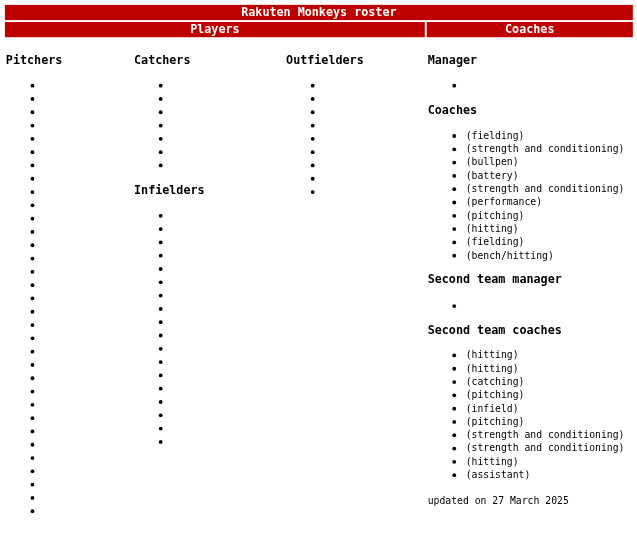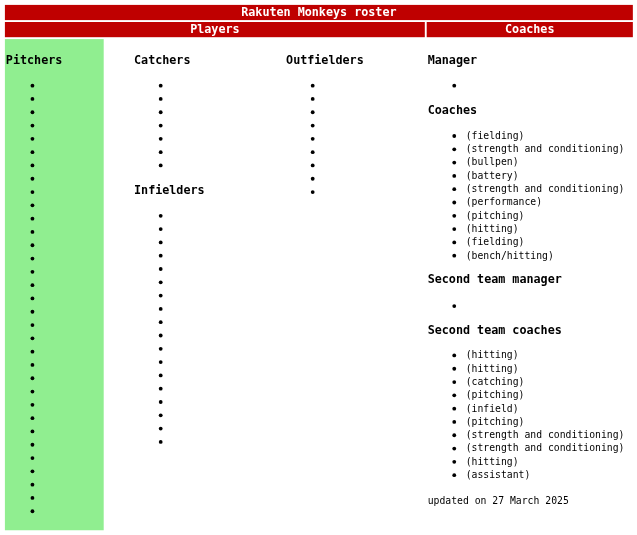 <table class = "toccolours" style = "font-size: 95%;">
 <tr>
 <th colspan = 9 style="background:#bf0000; color: white; text-align: center;">Rakuten Monkeys roster</th>
 </tr>
 <tr style = "vertical-align:top;">
 <td colspan = "6" style="background-color:#bf0000; color: white; text-align: center;" width="440"><strong>Players</strong></td>
 <td colspan = "2" style="background-color:#bf0000; color: white; text-align: center;" width="215"><strong>Coaches</strong></td>
 </tr>
 <tr>
-<td style="vertical-align:top;"><br><strong>Pitchers</strong><ul><li></li><li></li><li></li><li></li><li></li><li></li><li></li><li></li><li></li><li></li><li></li><li></li><li></li><li></li><li></li><li></li><li></li><li></li><li></li><li></li><li></li><li></li><li></li><li></li><li></li><li></li><li></li><li></li><li></li><li></li><li></li><li></li><li></li></ul></td>
+<td style="background: lightgreen; vertical-align:top;"><br><strong>Pitchers</strong><ul><li></li><li></li><li></li><li></li><li></li><li></li><li></li><li></li><li></li><li></li><li></li><li></li><li></li><li></li><li></li><li></li><li></li><li></li><li></li><li></li><li></li><li></li><li></li><li></li><li></li><li></li><li></li><li></li><li></li><li></li><li></li><li></li><li></li></ul></td>
 <td width = "25px"></td>
 <td style = "vertical-align:top;"><br><strong>Catchers</strong><ul><li></li><li></li><li></li><li></li><li></li><li></li><li></li></ul><strong>Infielders</strong><ul><li></li><li></li><li></li><li></li><li></li><li></li><li></li><li></li><li></li><li></li><li></li><li></li><li></li><li></li><li></li><li></li><li></li><li></li></ul></td>
 <td width = "25px"></td>
 <td style = "vertical-align:top;"><br><strong>Outfielders</strong><ul><li></li><li></li><li></li><li></li><li></li><li></li><li></li><li></li><li></li></ul></td>
 <td style = "vertical-align:top;"></td>
 <td style = "vertical-align:top;"><br><strong>Manager</strong><ul><li></li></ul><strong>Coaches</strong><ul><li> <small> (fielding)</small></li><li> <small> (strength and conditioning)</small></li><li> <small> (bullpen)</small></li><li> <small> (battery)</small></li><li> <small> (strength and conditioning)</small></li><li> <small>(performance)</small></li><li> <small>(pitching)</small></li><li><small>(hitting)</small></li><li> <small>(fielding)</small></li><li> <small>(bench/hitting)</small></li></ul><strong>Second team manager</strong><ul><li></li></ul><strong>Second team coaches</strong><ul><li> <small>(hitting)</small></li><li> <small>(hitting)</small></li><li> <small>(catching)</small></li><li> <small>(pitching)</small></li><li> <small>(infield)</small></li><li> <small>(pitching)</small></li><li> <small>(strength and conditioning)</small></li><li> <small>(strength and conditioning)</small></li><li> <small>(hitting)</small></li><li> <small>(assistant)</small></li></ul><small><span>  </span> updated on 27 March 2025 </small></td>
 </tr>
 </table>
